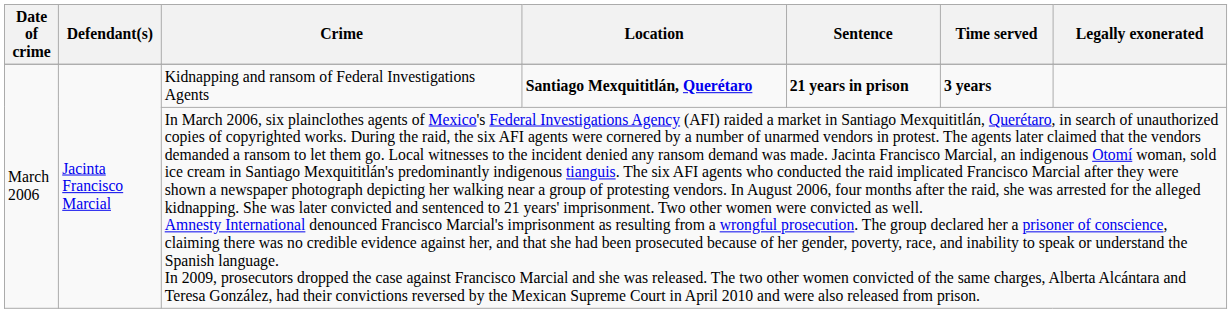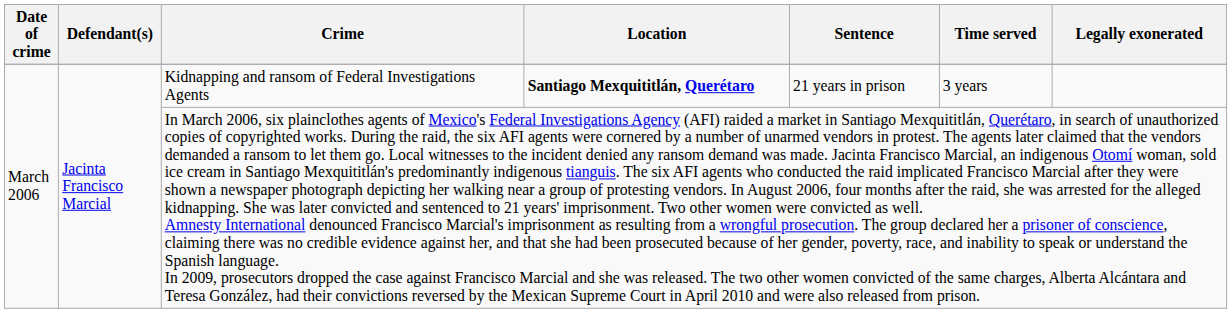 <table class="wikitable sortable">
 <tr>
 <th>Date of crime</th>
 <th>Defendant(s)</th>
 <th>Crime</th>
 <th>Location</th>
 <th>Sentence</th>
 <th>Time served</th>
 <th>Legally exonerated</th>
 </tr>
 <tr>
 </tr>
 <tr ->
 <td rowspan="2">March 2006</td>
 <td rowspan="2"><a href='#'>Jacinta Francisco Marcial</a></td>
 <td>Kidnapping and ransom of Federal Investigations Agents</td>
 <td><strong>Santiago Mexquititlán, <a href='#'>Querétaro</a></strong></td>
-<td><strong>21 years in prison</strong></td>
-<td><strong>3 years</strong></td>
+<td>21 years in prison</td>
+<td>3 years</td>
 <td></td>
 </tr>
 <tr>
 <td colspan=5>In March 2006, six plainclothes agents of <a href='#'>Mexico</a>'s <a href='#'>Federal Investigations Agency</a> (AFI) raided a market in Santiago Mexquititlán, <a href='#'>Querétaro</a>, in search of unauthorized copies of copyrighted works. During the raid, the six AFI agents were cornered by a number of unarmed vendors in protest. The agents later claimed that the vendors demanded a ransom to let them go. Local witnesses to the incident denied any ransom demand was made. Jacinta Francisco Marcial, an indigenous <a href='#'>Otomí</a> woman, sold ice cream in Santiago Mexquititlán's predominantly indigenous <a href='#'>tianguis</a>. The six AFI agents who conducted the raid implicated Francisco Marcial after they were shown a newspaper photograph depicting her walking near a group of protesting vendors. In August 2006, four months after the raid, she was arrested for the alleged kidnapping. She was later convicted and sentenced to 21 years' imprisonment. Two other women were convicted as well.<br><a href='#'>Amnesty International</a> denounced Francisco Marcial's imprisonment as resulting from a <a href='#'>wrongful prosecution</a>. The group declared her a <a href='#'>prisoner of conscience</a>, claiming there was no credible evidence against her, and that she had been prosecuted because of her gender, poverty, race, and inability to speak or understand the Spanish language.<br>In 2009, prosecutors dropped the case against Francisco Marcial and she was released. The two other women convicted of the same charges, Alberta Alcántara and Teresa González, had their convictions reversed by the Mexican Supreme Court in April 2010 and were also released from prison.</td>
 </tr>
 </table>
